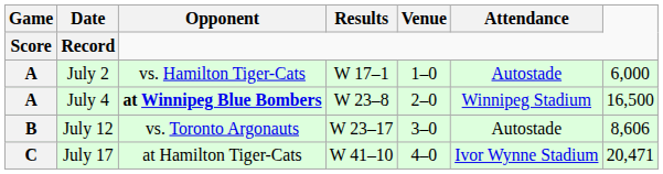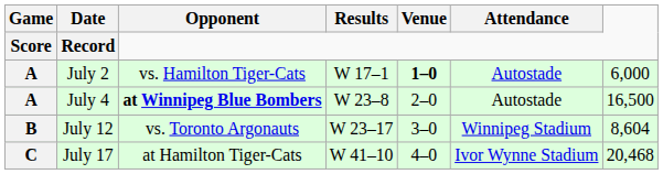 <table class="wikitable" style="text-align:center">
 <tr>
 <th scope="col">Game</th>
 <th scope="col">Date</th>
 <th scope="col">Opponent</th>
 <th scope="col">Results</th>
 <th scope="col">Venue</th>
 <th scope="col">Attendance</th>
 </tr>
 <tr>
 <th scope="col">Score</th>
 <th scope="col">Record</th>
 </tr>
 <tr style="background:#ddffdd">
 <th>A</th>
 <td>July 2</td>
 <td>vs. <a href='#'>Hamilton Tiger-Cats</a></td>
 <td>W 17–1</td>
-<td>1–0</td>
+<td><strong>1–0</strong></td>
 <td><a href='#'>Autostade</a></td>
 <td>6,000</td>
 </tr>
 <tr style="background:#ddffdd">
 <th>A</th>
 <td>July 4</td>
 <td><strong>at <a href='#'>Winnipeg Blue Bombers</a></strong></td>
 <td>W 23–8</td>
 <td>2–0</td>
-<td><a href='#'>Winnipeg Stadium</a></td>
+<td>Autostade</td>
 <td>16,500</td>
 </tr>
 <tr style="background:#ddffdd">
 <th>B</th>
 <td>July 12</td>
 <td>vs. <a href='#'>Toronto Argonauts</a></td>
 <td>W 23–17</td>
 <td>3–0</td>
-<td>Autostade</td>
-<td>8,606</td>
+<td><a href='#'>Winnipeg Stadium</a></td>
+<td>8,604</td>
 </tr>
 <tr style="background:#ddffdd">
 <th>C</th>
 <td>July 17</td>
 <td>at Hamilton Tiger-Cats</td>
 <td>W 41–10</td>
 <td>4–0</td>
 <td><a href='#'>Ivor Wynne Stadium</a></td>
-<td>20,471</td>
+<td>20,468</td>
 </tr>
 </table>
